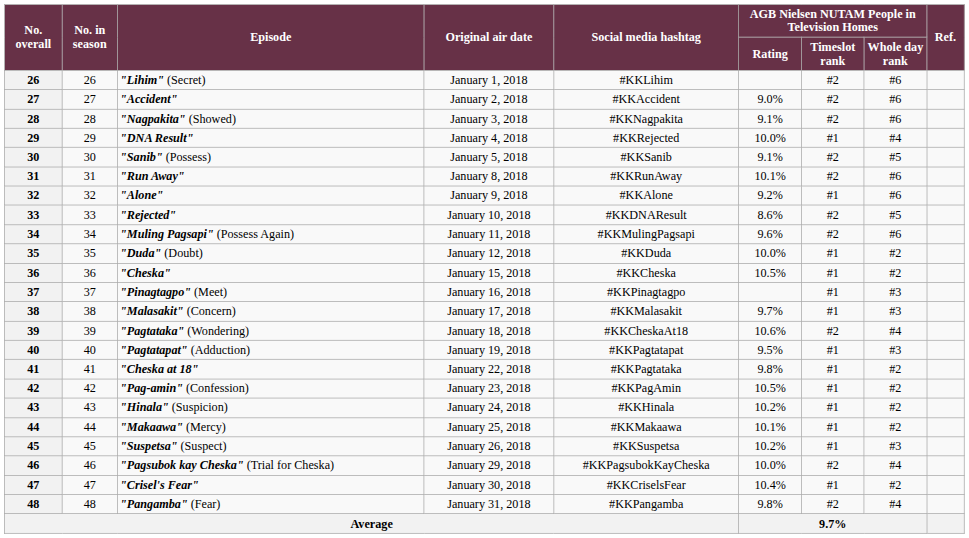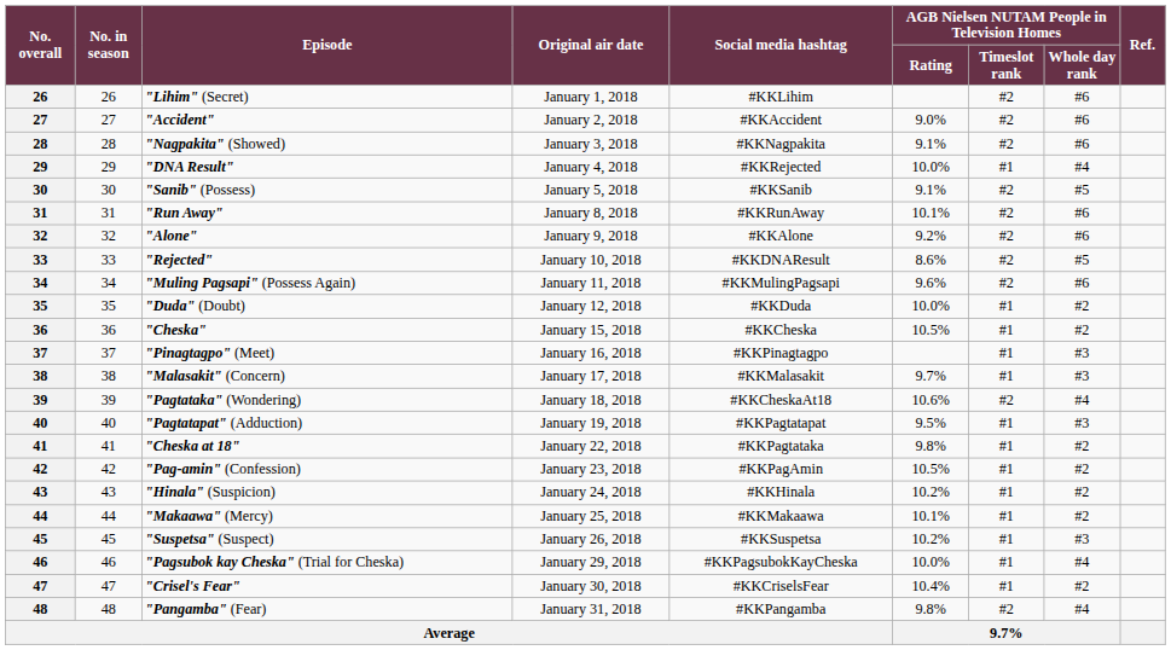 <table class="wikitable" style="text-align:center; font-size:100%; line-height:18px;" width="100%">
 <tr>
 <th style="background-color:#673147; color:#ffffff;" rowspan="2">No.<br>overall</th>
 <th style="background-color:#673147; color:#ffffff;" rowspan="2">No. in<br>season</th>
 <th style="background-color:#673147; color:#ffffff;" rowspan="2">Episode</th>
 <th style="background-color:#673147; color:white" rowspan="2">Original air date</th>
 <th style="background-color:#673147; color:white" rowspan="2">Social media hashtag</th>
 <th style="background-color:#673147; color:#ffffff;" colspan="3">AGB Nielsen NUTAM People in Television Homes</th>
 <th style="background-color:#673147; color:#ffffff;" rowspan="2">Ref.</th>
 </tr>
 <tr>
 <th style="background-color:#673147; width:75px; color:#ffffff;">Rating</th>
 <th style="background-color:#673147; width:75px; color:#ffffff;">Timeslot<br>rank</th>
 <th style="background-color:#673147; width:75px; color:#ffffff;">Whole day<br>rank</th>
 </tr>
 <tr>
 <th>26</th>
 <td>26</td>
 <td style="text-align: left;"><strong><em>"Lihim"</em></strong> (Secret)</td>
 <td>January 1, 2018</td>
 <td>#KKLihim</td>
 <td></td>
 <td>#2</td>
 <td>#6</td>
 <td></td>
 </tr>
 <tr>
 <th>27</th>
 <td>27</td>
 <td style="text-align: left;"><strong><em>"Accident"</em></strong></td>
 <td>January 2, 2018</td>
 <td>#KKAccident</td>
 <td>9.0%</td>
 <td>#2</td>
 <td>#6</td>
 <td></td>
 </tr>
 <tr>
 <th>28</th>
 <td>28</td>
 <td style="text-align: left;"><strong><em>"Nagpakita"</em></strong> (Showed)</td>
 <td>January 3, 2018</td>
 <td>#KKNagpakita</td>
 <td>9.1%</td>
 <td>#2</td>
 <td>#6</td>
 <td></td>
 </tr>
 <tr>
 <th>29</th>
 <td>29</td>
 <td style="text-align: left;"><strong><em>"DNA Result"</em></strong></td>
 <td>January 4, 2018</td>
 <td>#KKRejected</td>
 <td>10.0%</td>
 <td>#1</td>
 <td>#4</td>
 <td></td>
 </tr>
 <tr>
 <th>30</th>
 <td>30</td>
 <td style="text-align: left;"><strong><em>"Sanib"</em></strong> (Possess)</td>
 <td>January 5, 2018</td>
 <td>#KKSanib</td>
 <td>9.1%</td>
 <td>#2</td>
 <td>#5</td>
 <td></td>
 </tr>
 <tr>
 <th>31</th>
 <td>31</td>
 <td style="text-align: left;"><strong><em>"Run Away"</em></strong></td>
 <td>January 8, 2018</td>
 <td>#KKRunAway</td>
 <td>10.1%</td>
 <td>#2</td>
 <td>#6</td>
 <td></td>
 </tr>
 <tr>
 <th>32</th>
 <td>32</td>
 <td style="text-align: left;"><strong><em>"Alone"</em></strong></td>
 <td>January 9, 2018</td>
 <td>#KKAlone</td>
 <td>9.2%</td>
-<td>#1</td>
+<td>#2</td>
 <td>#6</td>
 <td></td>
 </tr>
 <tr>
 <th>33</th>
 <td>33</td>
 <td style="text-align: left;"><strong><em>"Rejected"</em></strong></td>
 <td>January 10, 2018</td>
 <td>#KKDNAResult</td>
 <td>8.6%</td>
 <td>#2</td>
 <td>#5</td>
 <td></td>
 </tr>
 <tr>
 <th>34</th>
 <td>34</td>
 <td style="text-align: left;"><strong><em>"Muling Pagsapi"</em></strong> (Possess Again)</td>
 <td>January 11, 2018</td>
 <td>#KKMulingPagsapi</td>
 <td>9.6%</td>
 <td>#2</td>
 <td>#6</td>
 <td></td>
 </tr>
 <tr>
 <th>35</th>
 <td>35</td>
 <td style="text-align: left;"><strong><em>"Duda"</em></strong> (Doubt)</td>
 <td>January 12, 2018</td>
 <td>#KKDuda</td>
 <td>10.0%</td>
 <td>#1</td>
 <td>#2</td>
 <td></td>
 </tr>
 <tr>
 <th>36</th>
 <td>36</td>
 <td style="text-align: left;"><strong><em>"Cheska"</em></strong></td>
 <td>January 15, 2018</td>
 <td>#KKCheska</td>
 <td>10.5%</td>
 <td>#1</td>
 <td>#2</td>
 <td></td>
 </tr>
 <tr>
 <th>37</th>
 <td>37</td>
 <td style="text-align: left;"><strong><em>"Pinagtagpo"</em></strong> (Meet)</td>
 <td>January 16, 2018</td>
 <td>#KKPinagtagpo</td>
 <td></td>
 <td>#1</td>
 <td>#3</td>
 <td></td>
 </tr>
 <tr>
 <th>38</th>
 <td>38</td>
 <td style="text-align: left;"><strong><em>"Malasakit"</em></strong> (Concern)</td>
 <td>January 17, 2018</td>
 <td>#KKMalasakit</td>
 <td>9.7%</td>
 <td>#1</td>
 <td>#3</td>
 <td></td>
 </tr>
 <tr>
 <th>39</th>
 <td>39</td>
 <td style="text-align: left;"><strong><em>"Pagtataka"</em></strong> (Wondering)</td>
 <td>January 18, 2018</td>
 <td>#KKCheskaAt18</td>
 <td>10.6%</td>
 <td>#2</td>
 <td>#4</td>
 <td></td>
 </tr>
 <tr>
 <th>40</th>
 <td>40</td>
 <td style="text-align: left;"><strong><em>"Pagtatapat"</em></strong> (Adduction)</td>
 <td>January 19, 2018</td>
 <td>#KKPagtatapat</td>
 <td>9.5%</td>
 <td>#1</td>
 <td>#3</td>
 <td></td>
 </tr>
 <tr>
 <th>41</th>
 <td>41</td>
 <td style="text-align: left;"><strong><em>"Cheska at 18"</em></strong></td>
 <td>January 22, 2018</td>
 <td>#KKPagtataka</td>
 <td>9.8%</td>
 <td>#1</td>
 <td>#2</td>
 <td></td>
 </tr>
 <tr>
 <th>42</th>
 <td>42</td>
 <td style="text-align: left;"><strong><em>"Pag-amin"</em></strong> (Confession)</td>
 <td>January 23, 2018</td>
 <td>#KKPagAmin</td>
 <td>10.5%</td>
 <td>#1</td>
 <td>#2</td>
 <td></td>
 </tr>
 <tr>
 <th>43</th>
 <td>43</td>
 <td style="text-align: left;"><strong><em>"Hinala"</em></strong> (Suspicion)</td>
 <td>January 24, 2018</td>
 <td>#KKHinala</td>
 <td>10.2%</td>
 <td>#1</td>
 <td>#2</td>
 <td></td>
 </tr>
 <tr>
 <th>44</th>
 <td>44</td>
 <td style="text-align: left;"><strong><em>"Makaawa"</em></strong> (Mercy)</td>
 <td>January 25, 2018</td>
 <td>#KKMakaawa</td>
 <td>10.1%</td>
 <td>#1</td>
 <td>#2</td>
 <td></td>
 </tr>
 <tr>
 <th>45</th>
 <td>45</td>
 <td style="text-align: left;"><strong><em>"Suspetsa"</em></strong> (Suspect)</td>
 <td>January 26, 2018</td>
 <td>#KKSuspetsa</td>
 <td>10.2%</td>
 <td>#1</td>
 <td>#3</td>
 <td></td>
 </tr>
 <tr>
 <th>46</th>
 <td>46</td>
 <td style="text-align: left;"><strong><em>"Pagsubok kay Cheska"</em></strong> (Trial for Cheska)</td>
 <td>January 29, 2018</td>
 <td>#KKPagsubokKayCheska</td>
 <td>10.0%</td>
-<td>#2</td>
+<td>#1</td>
 <td>#4</td>
 <td></td>
 </tr>
 <tr>
 <th>47</th>
 <td>47</td>
 <td style="text-align: left;"><strong><em>"Crisel's Fear"</em></strong></td>
 <td>January 30, 2018</td>
 <td>#KKCriselsFear</td>
 <td>10.4%</td>
 <td>#1</td>
 <td>#2</td>
 <td></td>
 </tr>
 <tr>
 <th>48</th>
 <td>48</td>
 <td style="text-align: left;"><strong><em>"Pangamba"</em></strong> (Fear)</td>
 <td>January 31, 2018</td>
 <td>#KKPangamba</td>
 <td>9.8%</td>
 <td>#2</td>
 <td>#4</td>
 <td></td>
 </tr>
 <tr>
 <th colspan="5">Average</th>
 <th colspan="3">9.7%</th>
 <th></th>
 </tr>
 </table>
